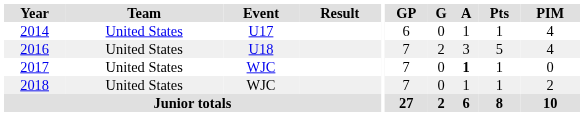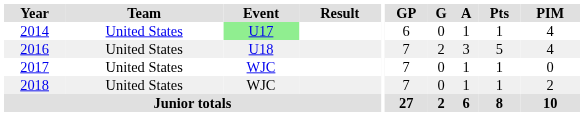 <table border="0" cellpadding="1" cellspacing="0" ID="Table3" style="text-align:center; width:40em;">
 <tr bgcolor="#e0e0e0">
 <th>Year</th>
 <th>Team</th>
 <th>Event</th>
 <th>Result</th>
 <th rowspan="99" bgcolor="#ffffff"></th>
 <th>GP</th>
 <th>G</th>
 <th>A</th>
 <th>Pts</th>
 <th>PIM</th>
 </tr>
 <tr>
 <td><a href='#'>2014</a></td>
 <td><a href='#'>United States</a></td>
-<td><a href='#'>U17</a></td>
+<td style="background: lightgreen;"><a href='#'>U17</a></td>
 <td></td>
 <td>6</td>
 <td>0</td>
 <td>1</td>
 <td>1</td>
 <td>4</td>
 </tr>
 <tr bgcolor="#f0f0f0">
 <td><a href='#'>2016</a></td>
 <td>United States</td>
 <td><a href='#'>U18</a></td>
 <td></td>
 <td>7</td>
 <td>2</td>
 <td>3</td>
 <td>5</td>
 <td>4</td>
 </tr>
 <tr>
 <td><a href='#'>2017</a></td>
 <td>United States</td>
 <td><a href='#'>WJC</a></td>
 <td></td>
 <td>7</td>
 <td>0</td>
-<td><strong>1</strong></td>
+<td>1</td>
 <td>1</td>
 <td>0</td>
 </tr>
 <tr bgcolor="#f0f0f0">
 <td><a href='#'>2018</a></td>
 <td>United States</td>
 <td>WJC</td>
 <td></td>
 <td>7</td>
 <td>0</td>
 <td>1</td>
 <td>1</td>
 <td>2</td>
 </tr>
 <tr bgcolor="#e0e0e0">
 <th colspan="4">Junior totals</th>
 <th>27</th>
 <th>2</th>
 <th>6</th>
 <th>8</th>
 <th>10</th>
 </tr>
 </table>
